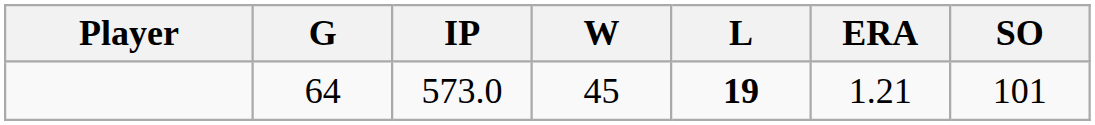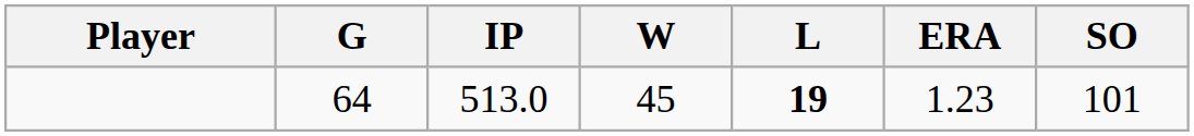 <table class="wikitable sortable">
 <tr>
 <th bgcolor="#DDDDFF" width="16%">Player</th>
 <th bgcolor="#DDDDFF" width="9%">G</th>
 <th bgcolor="#DDDDFF" width="9%">IP</th>
 <th bgcolor="#DDDDFF" width="9%">W</th>
 <th bgcolor="#DDDDFF" width="9%">L</th>
 <th bgcolor="#DDDDFF" width="9%">ERA</th>
 <th bgcolor="#DDDDFF" width="9%">SO</th>
 </tr>
 <tr align="center">
 <td></td>
 <td>64</td>
-<td>573.0</td>
+<td>513.0</td>
 <td>45</td>
 <td><strong>19</strong></td>
-<td>1.21</td>
+<td>1.23</td>
 <td>101</td>
 </tr>
 </table>
